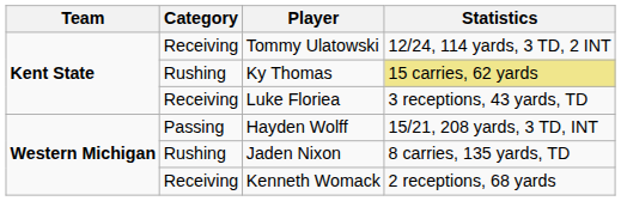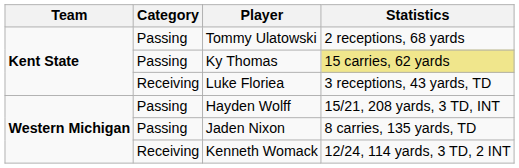 <table class="wikitable" style="float: right;">
 <tr>
 <th>Team</th>
 <th>Category</th>
 <th>Player</th>
 <th>Statistics</th>
 </tr>
 <tr>
 <td rowspan=3><strong>Kent State</strong></td>
-<td>Receiving</td>
+<td>Passing</td>
 <td>Tommy Ulatowski</td>
-<td>12/24, 114 yards, 3 TD, 2 INT</td>
+<td>2 receptions, 68 yards</td>
 </tr>
 <tr>
-<td>Rushing</td>
+<td>Passing</td>
 <td>Ky Thomas</td>
 <td style="background: khaki;">15 carries, 62 yards</td>
 </tr>
 <tr>
 <td>Receiving</td>
 <td>Luke Floriea</td>
 <td>3 receptions, 43 yards, TD</td>
 </tr>
 <tr>
 <td rowspan=3><strong>Western Michigan</strong></td>
 <td>Passing</td>
 <td>Hayden Wolff</td>
 <td>15/21, 208 yards, 3 TD, INT</td>
 </tr>
 <tr>
-<td>Rushing</td>
+<td>Passing</td>
 <td>Jaden Nixon</td>
 <td>8 carries, 135 yards, TD</td>
 </tr>
 <tr>
 <td>Receiving</td>
 <td>Kenneth Womack</td>
-<td>2 receptions, 68 yards</td>
+<td>12/24, 114 yards, 3 TD, 2 INT</td>
 </tr>
 </table>
